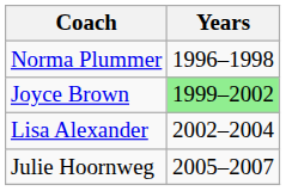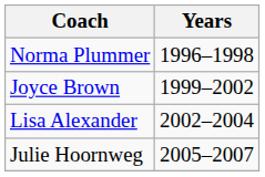 <table class="wikitable collapsible">
 <tr>
 <th>Coach</th>
 <th>Years</th>
 </tr>
 <tr>
 <td><a href='#'>Norma Plummer</a></td>
 <td>1996–1998</td>
 </tr>
 <tr>
 <td><a href='#'>Joyce Brown</a></td>
-<td style="background: lightgreen;">1999–2002</td>
+<td>1999–2002</td>
 </tr>
 <tr>
 <td><a href='#'>Lisa Alexander</a></td>
 <td>2002–2004</td>
 </tr>
 <tr>
 <td>Julie Hoornweg </td>
 <td>2005–2007</td>
 </tr>
 <tr>
 </tr>
 </table>
